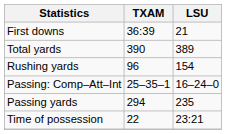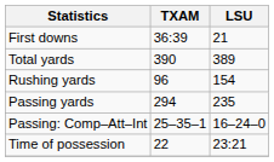 <table class="wikitable" style="float: left;">
 <tr>
 <th>Statistics</th>
 <th>TXAM</th>
 <th>LSU</th>
 </tr>
 <tr>
 <td>First downs</td>
 <td>36:39</td>
 <td>21</td>
 </tr>
 <tr>
 <td>Total yards</td>
 <td>390</td>
 <td>389</td>
 </tr>
 <tr>
 <td>Rushing yards</td>
 <td>96</td>
 <td>154</td>
 </tr>
 <tr>
+<td>Passing yards</td>
+<td>294</td>
+<td>235</td>
+</tr>
+<tr>
 <td>Passing: Comp–Att–Int</td>
 <td>25–35–1</td>
 <td>16–24–0</td>
-</tr>
-<tr>
-<td>Passing yards</td>
-<td>294</td>
-<td>235</td>
 </tr>
 <tr>
 <td>Time of possession</td>
 <td>22</td>
 <td>23:21</td>
 </tr>
 <tr>
 </tr>
 </table>
